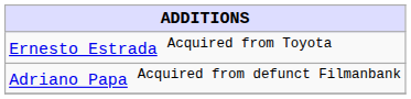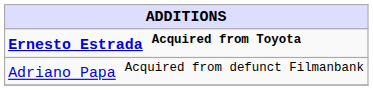 <table class="wikitable" border="1">
 <tr>
 <th style="background:#DDDDFF;"><strong>ADDITIONS</strong></th>
 </tr>
 <tr>
-<td><a href='#'>Ernesto Estrada</a> <sup> Acquired from Toyota </sup></td>
+<td><strong><a href='#'>Ernesto Estrada</a> <sup> Acquired from Toyota </sup></strong></td>
 </tr>
 <tr>
 <td><a href='#'>Adriano Papa</a> <sup> Acquired from defunct Filmanbank </sup></td>
 </tr>
 <tr>
 </tr>
 </table>
